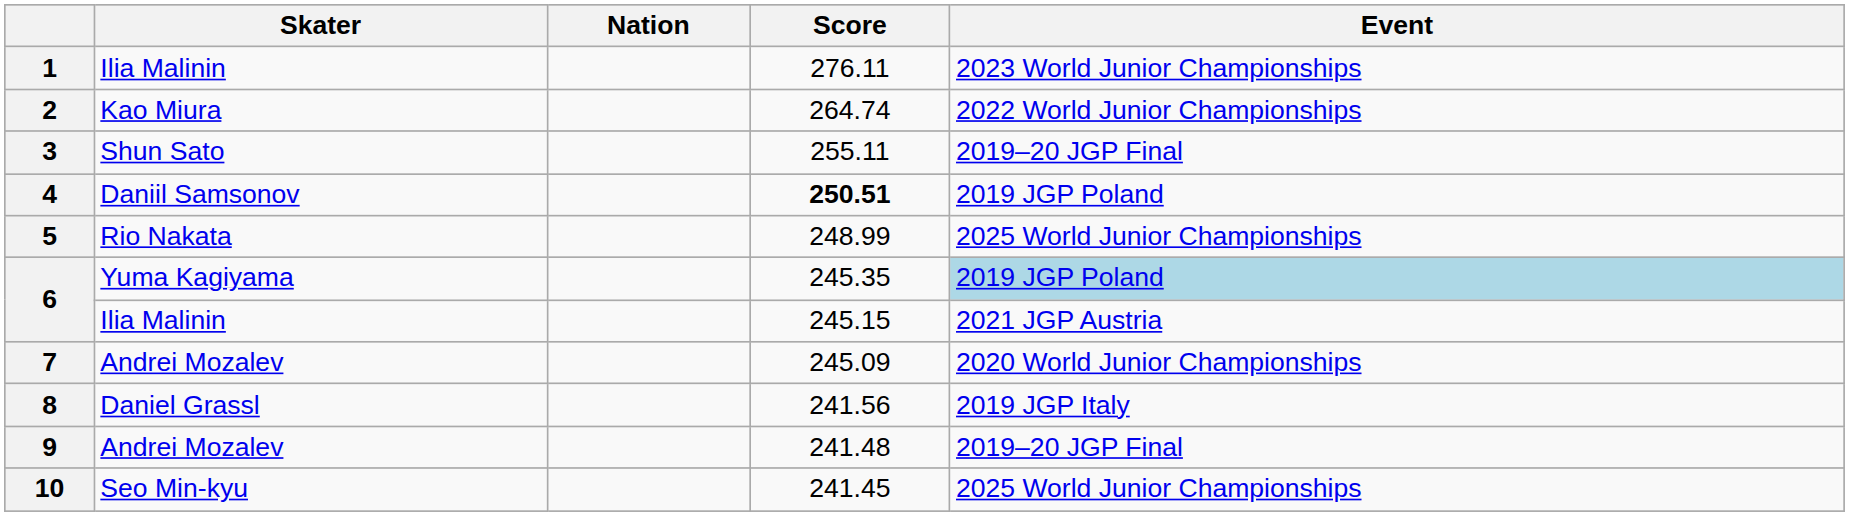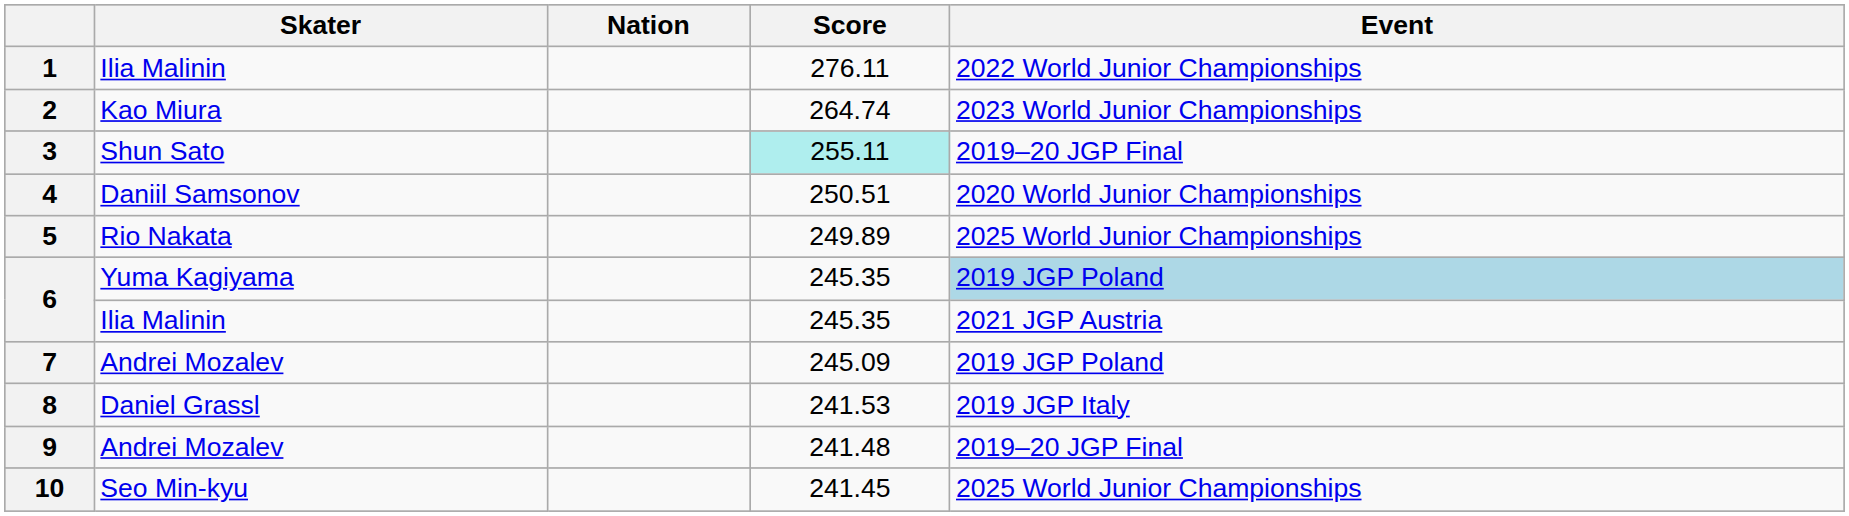 <table class="wikitable sortable" style="text-align:left; width:70%">
 <tr>
 <th scope="col"></th>
 <th scope="col">Skater</th>
 <th scope="col">Nation</th>
 <th scope="col">Score</th>
 <th scope="col">Event</th>
 </tr>
 <tr>
 <th scope="row">1</th>
 <td><a href='#'>Ilia Malinin</a></td>
 <td></td>
 <td style="text-align:center;">276.11</td>
-<td><a href='#'>2023 World Junior Championships</a></td>
+<td><a href='#'>2022 World Junior Championships</a></td>
 </tr>
 <tr>
 <th scope="row">2</th>
 <td><a href='#'>Kao Miura</a></td>
 <td></td>
 <td style="text-align:center;">264.74</td>
-<td><a href='#'>2022 World Junior Championships</a></td>
+<td><a href='#'>2023 World Junior Championships</a></td>
 </tr>
 <tr>
 <th scope="row">3</th>
 <td><a href='#'>Shun Sato</a></td>
 <td></td>
-<td style="text-align:center;">255.11</td>
+<td style="background: paleturquoise; text-align:center;">255.11</td>
 <td><a href='#'>2019–20 JGP Final</a></td>
 </tr>
 <tr>
 <th scope="row">4</th>
 <td><a href='#'>Daniil Samsonov</a></td>
 <td></td>
-<td style="text-align:center;"><strong>250.51</strong></td>
-<td><a href='#'>2019 JGP Poland</a></td>
+<td style="text-align:center;">250.51</td>
+<td><a href='#'>2020 World Junior Championships</a></td>
 </tr>
 <tr>
 <th scope="row">5</th>
 <td><a href='#'>Rio Nakata</a></td>
 <td></td>
-<td style="text-align:center;">248.99</td>
+<td style="text-align:center;">249.89</td>
 <td><a href='#'>2025 World Junior Championships</a></td>
 </tr>
 <tr>
 <th scope="row" rowspan=2>6</th>
 <td><a href='#'>Yuma Kagiyama</a></td>
 <td></td>
 <td style="text-align:center;">245.35</td>
 <td style="background: lightblue;"><a href='#'>2019 JGP Poland</a></td>
 </tr>
 <tr>
 <td><a href='#'>Ilia Malinin</a></td>
 <td></td>
-<td style="text-align:center;">245.15</td>
+<td style="text-align:center;">245.35</td>
 <td><a href='#'>2021 JGP Austria</a></td>
 </tr>
 <tr>
 <th scope="row">7</th>
 <td><a href='#'>Andrei Mozalev</a></td>
 <td></td>
 <td style="text-align:center;">245.09</td>
-<td><a href='#'>2020 World Junior Championships</a></td>
+<td><a href='#'>2019 JGP Poland</a></td>
 </tr>
 <tr>
 <th scope="row">8</th>
 <td><a href='#'>Daniel Grassl</a></td>
 <td></td>
-<td style="text-align:center;">241.56</td>
+<td style="text-align:center;">241.53</td>
 <td><a href='#'>2019 JGP Italy</a></td>
 </tr>
 <tr>
 <th scope="row">9</th>
 <td><a href='#'>Andrei Mozalev</a></td>
 <td></td>
 <td style="text-align:center;">241.48</td>
 <td><a href='#'>2019–20 JGP Final</a></td>
 </tr>
 <tr>
 <th scope="row">10</th>
 <td><a href='#'>Seo Min-kyu</a></td>
 <td></td>
 <td style="text-align:center;">241.45</td>
 <td><a href='#'>2025 World Junior Championships</a></td>
 </tr>
 </table>
